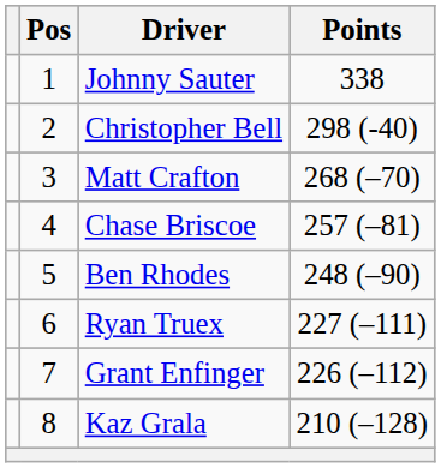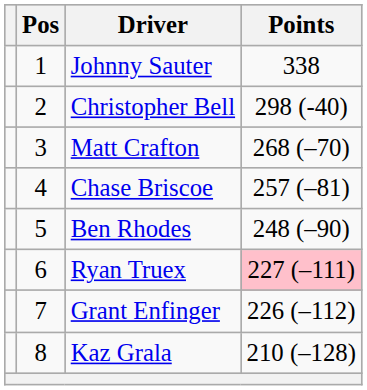 <table class="wikitable" style="font-size: 95%;">
 <tr>
 <th></th>
 <th>Pos</th>
 <th>Driver</th>
 <th>Points</th>
 </tr>
 <tr>
 <td align="left"></td>
 <td style="text-align:center;">1</td>
 <td><a href='#'>Johnny Sauter</a></td>
 <td style="text-align:center;">338</td>
 </tr>
 <tr>
 <td align="left"></td>
 <td style="text-align:center;">2</td>
 <td><a href='#'>Christopher Bell</a></td>
 <td style="text-align:center;">298 (-40)</td>
 </tr>
 <tr>
 <td align="left"></td>
 <td style="text-align:center;">3</td>
 <td><a href='#'>Matt Crafton</a></td>
 <td style="text-align:center;">268 (–70)</td>
 </tr>
 <tr>
 <td align="left"></td>
 <td style="text-align:center;">4</td>
 <td><a href='#'>Chase Briscoe</a></td>
 <td style="text-align:center;">257 (–81)</td>
 </tr>
 <tr>
 <td align="left"></td>
 <td style="text-align:center;">5</td>
 <td><a href='#'>Ben Rhodes</a></td>
 <td style="text-align:center;">248 (–90)</td>
 </tr>
 <tr>
 <td align="left"></td>
 <td style="text-align:center;">6</td>
 <td><a href='#'>Ryan Truex</a></td>
-<td style="text-align:center;">227 (–111)</td>
+<td style="background: pink; text-align:center;">227 (–111)</td>
 </tr>
 <tr>
 <td align="left"></td>
 <td style="text-align:center;">7</td>
 <td><a href='#'>Grant Enfinger</a></td>
 <td style="text-align:center;">226 (–112)</td>
 </tr>
 <tr>
 <td align="left"></td>
 <td style="text-align:center;">8</td>
 <td><a href='#'>Kaz Grala</a></td>
 <td style="text-align:center;">210 (–128)</td>
 </tr>
 <tr class="sortbottom">
 <th colspan="9"></th>
 </tr>
 </table>
